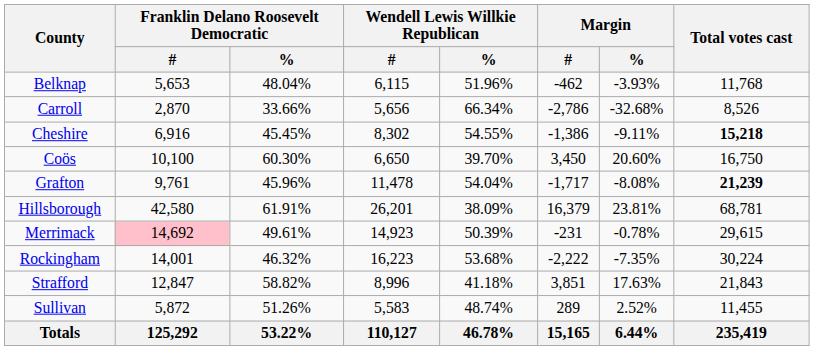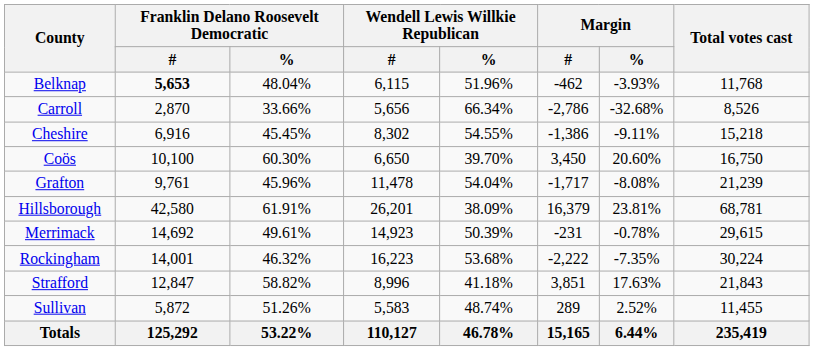 <table width="65%" class="wikitable sortable">
 <tr>
 <th rowspan="2">County</th>
 <th colspan="2">Franklin Delano Roosevelt<br>Democratic</th>
 <th colspan="2">Wendell Lewis Willkie<br>Republican</th>
 <th colspan="2">Margin</th>
 <th rowspan="2">Total votes cast</th>
 </tr>
 <tr style="text-align:center;" bgcolor="lightgrey">
 <th>#</th>
 <th>%</th>
 <th>#</th>
 <th>%</th>
 <th>#</th>
 <th>%</th>
 </tr>
 <tr style="text-align:center;">
 <td><a href='#'>Belknap</a></td>
-<td>5,653</td>
+<td><strong>5,653</strong></td>
 <td>48.04%</td>
 <td>6,115</td>
 <td>51.96%</td>
 <td>-462</td>
 <td>-3.93%</td>
 <td>11,768</td>
 </tr>
 <tr style="text-align:center;">
 <td><a href='#'>Carroll</a></td>
 <td>2,870</td>
 <td>33.66%</td>
 <td>5,656</td>
 <td>66.34%</td>
 <td>-2,786</td>
 <td>-32.68%</td>
 <td>8,526</td>
 </tr>
 <tr style="text-align:center;">
 <td><a href='#'>Cheshire</a></td>
 <td>6,916</td>
 <td>45.45%</td>
 <td>8,302</td>
 <td>54.55%</td>
 <td>-1,386</td>
 <td>-9.11%</td>
-<td><strong>15,218</strong></td>
+<td>15,218</td>
 </tr>
 <tr style="text-align:center;">
 <td><a href='#'>Coös</a></td>
 <td>10,100</td>
 <td>60.30%</td>
 <td>6,650</td>
 <td>39.70%</td>
 <td>3,450</td>
 <td>20.60%</td>
 <td>16,750</td>
 </tr>
 <tr style="text-align:center;">
 <td><a href='#'>Grafton</a></td>
 <td>9,761</td>
 <td>45.96%</td>
 <td>11,478</td>
 <td>54.04%</td>
 <td>-1,717</td>
 <td>-8.08%</td>
-<td><strong>21,239</strong></td>
+<td>21,239</td>
 </tr>
 <tr style="text-align:center;">
 <td><a href='#'>Hillsborough</a></td>
 <td>42,580</td>
 <td>61.91%</td>
 <td>26,201</td>
 <td>38.09%</td>
 <td>16,379</td>
 <td>23.81%</td>
 <td>68,781</td>
 </tr>
 <tr style="text-align:center;">
 <td><a href='#'>Merrimack</a></td>
-<td style="background: pink;">14,692</td>
+<td>14,692</td>
 <td>49.61%</td>
 <td>14,923</td>
 <td>50.39%</td>
 <td>-231</td>
 <td>-0.78%</td>
 <td>29,615</td>
 </tr>
 <tr style="text-align:center;">
 <td><a href='#'>Rockingham</a></td>
 <td>14,001</td>
 <td>46.32%</td>
 <td>16,223</td>
 <td>53.68%</td>
 <td>-2,222</td>
 <td>-7.35%</td>
 <td>30,224</td>
 </tr>
 <tr style="text-align:center;">
 <td><a href='#'>Strafford</a></td>
 <td>12,847</td>
 <td>58.82%</td>
 <td>8,996</td>
 <td>41.18%</td>
 <td>3,851</td>
 <td>17.63%</td>
 <td>21,843</td>
 </tr>
 <tr style="text-align:center;">
 <td><a href='#'>Sullivan</a></td>
 <td>5,872</td>
 <td>51.26%</td>
 <td>5,583</td>
 <td>48.74%</td>
 <td>289</td>
 <td>2.52%</td>
 <td>11,455</td>
 </tr>
 <tr>
 <th>Totals</th>
 <th>125,292</th>
 <th>53.22%</th>
 <th>110,127</th>
 <th>46.78%</th>
 <th>15,165</th>
 <th>6.44%</th>
 <th>235,419</th>
 </tr>
 </table>
